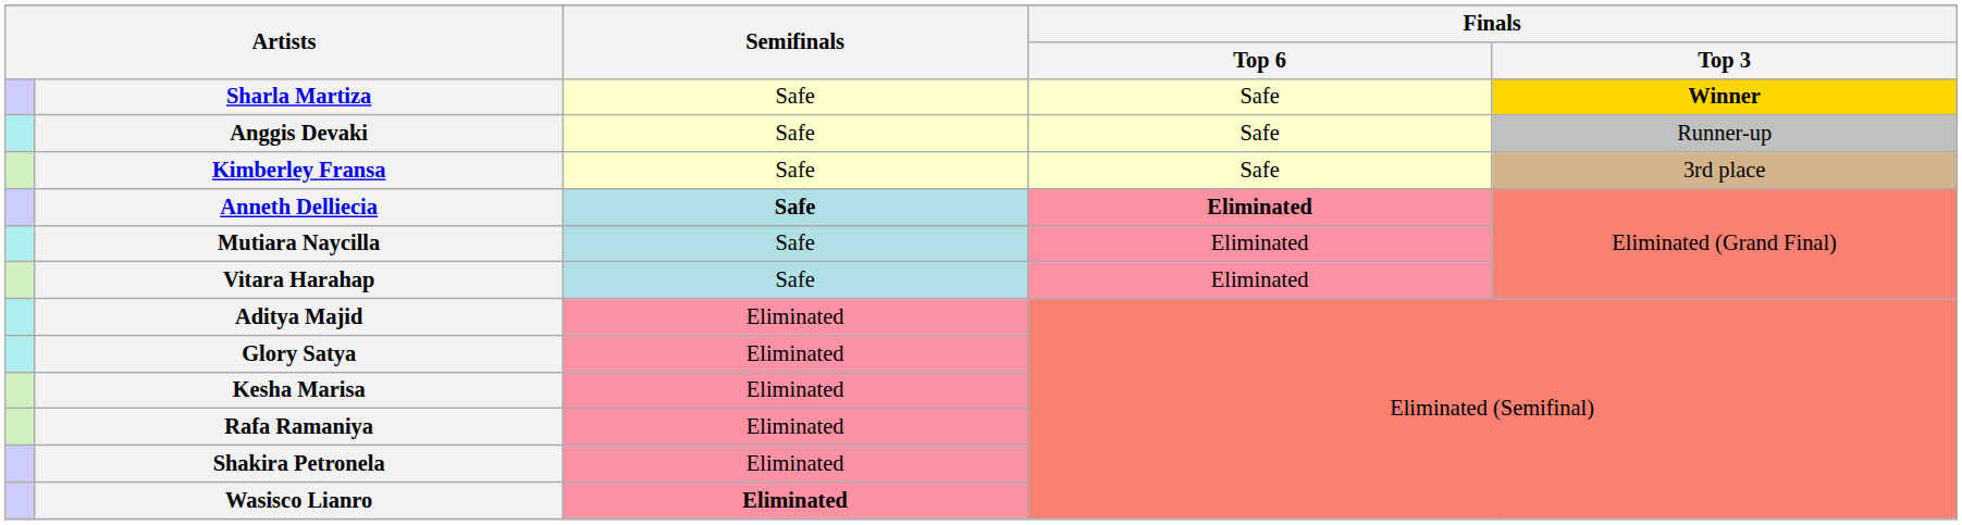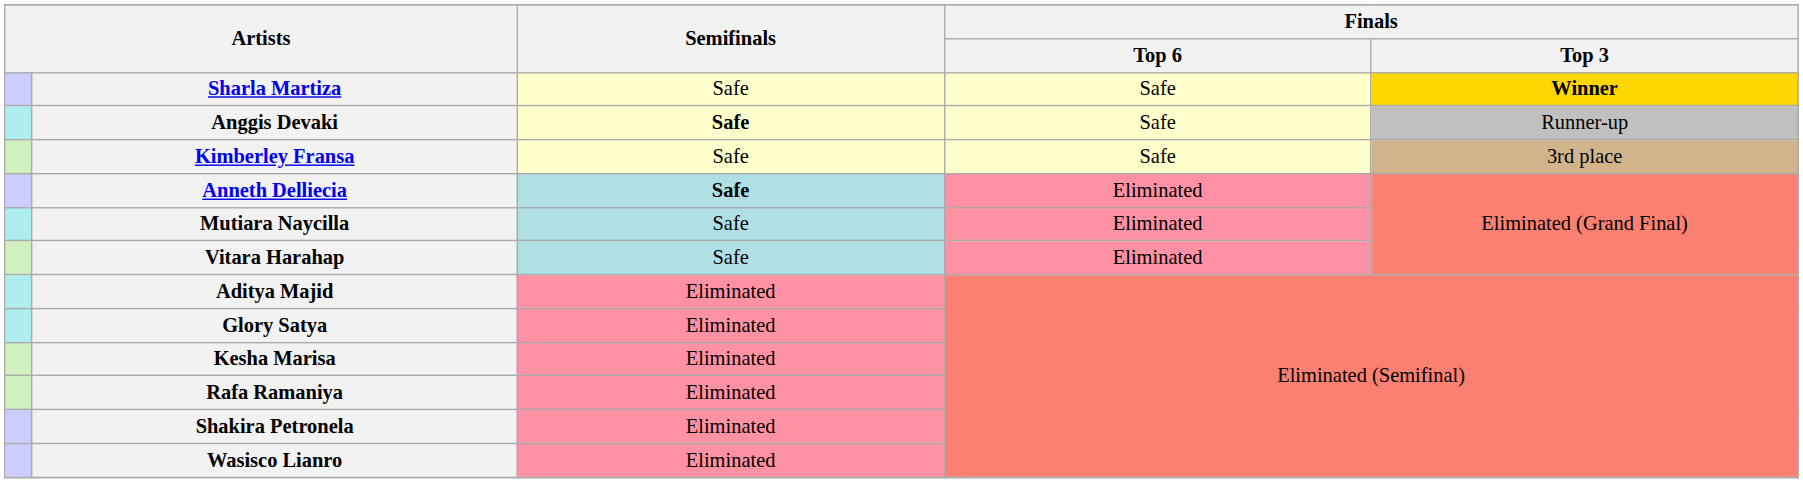 <table class="wikitable"  style="text-align:center; font-size:90%; width:100%;">
 <tr>
 </tr>
 <tr>
 <th rowspan="2" colspan="2" style="width:18%;">Artists</th>
 <th rowspan="2" style="width:15%;">Semifinals </th>
 <th colspan="2" style="width:30%;">Finals </th>
 </tr>
 <tr>
 <th style="width:15%;">Top 6</th>
 <th style="width:15%;">Top 3</th>
 </tr>
 <tr>
 <th style="background:#ccf;"></th>
 <th><a href='#'>Sharla Martiza</a></th>
 <td style="background:#ffc;">Safe</td>
 <td style="background:#ffc;">Safe</td>
 <td style="background:gold;"><strong>Winner</strong></td>
 </tr>
 <tr>
 <th style="background:#afeeee;"></th>
 <th>Anggis Devaki</th>
-<td style="background:#ffc;">Safe</td>
+<td style="background:#ffc;"><strong>Safe</strong></td>
 <td style="background:#ffc;">Safe</td>
 <td style="background:silver;">Runner-up</td>
 </tr>
 <tr>
 <th style="background:#d0f0c0;"></th>
 <th><a href='#'>Kimberley Fransa</a></th>
 <td style="background:#ffc;">Safe</td>
 <td style="background:#ffc;">Safe</td>
 <td style="background:tan;">3rd place</td>
 </tr>
 <tr>
 <th style="background:#ccf;"></th>
 <th><a href='#'>Anneth Delliecia</a></th>
 <td style="background:#b0e0e6"><strong>Safe</strong></td>
-<td style="background:#FF91A4;"><strong>Eliminated</strong></td>
+<td style="background:#FF91A4;">Eliminated</td>
 <td rowspan="3" colspan="1" style="background:salmon;">Eliminated (Grand Final)</td>
 </tr>
 <tr>
 <th style="background:#afeeee;"></th>
 <th>Mutiara Naycilla</th>
 <td style="background:#b0e0e6">Safe</td>
 <td style="background:#FF91A4;">Eliminated</td>
 </tr>
 <tr>
 <th style="background:#d0f0c0;"></th>
 <th>Vitara Harahap</th>
 <td style="background:#b0e0e6">Safe</td>
 <td style="background:#FF91A4;">Eliminated</td>
 </tr>
 <tr>
 <th style="background:#afeeee;"></th>
 <th>Aditya Majid</th>
 <td style="background:#FF91A4;">Eliminated</td>
 <td rowspan="6" colspan="3" style="background:salmon;">Eliminated (Semifinal)</td>
 </tr>
 <tr>
 <th style="background:#afeeee;"></th>
 <th>Glory Satya</th>
 <td style="background:#FF91A4;">Eliminated</td>
 </tr>
 <tr>
 <th style="background:#d0f0c0;"></th>
 <th>Kesha Marisa</th>
 <td style="background:#FF91A4;">Eliminated</td>
 </tr>
 <tr>
 <th style="background:#d0f0c0;"></th>
 <th>Rafa Ramaniya</th>
 <td style="background:#FF91A4;">Eliminated</td>
 </tr>
 <tr>
 <th style="background:#ccf;"></th>
 <th>Shakira Petronela</th>
 <td style="background:#FF91A4;">Eliminated</td>
 </tr>
 <tr>
 <th style="background:#ccf;"></th>
 <th>Wasisco Lianro</th>
-<td style="background:#FF91A4;"><strong>Eliminated</strong></td>
+<td style="background:#FF91A4;">Eliminated</td>
 </tr>
 <tr>
 </tr>
 </table>
